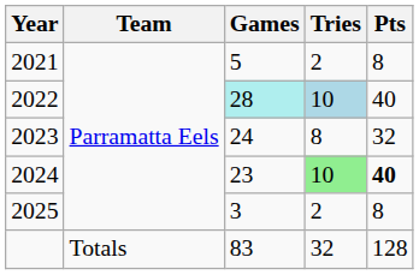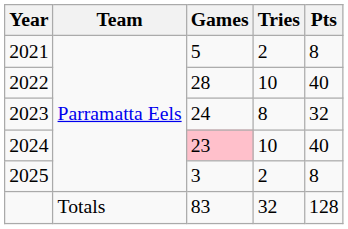 <table class="wikitable">
 <tr>
 <th>Year</th>
 <th>Team</th>
 <th>Games</th>
 <th>Tries</th>
 <th>Pts</th>
 </tr>
 <tr>
 <td>2021</td>
 <td rowspan="5"> <a href='#'>Parramatta Eels</a></td>
 <td>5</td>
 <td>2</td>
 <td>8</td>
 </tr>
 <tr>
 <td>2022</td>
-<td style="background: paleturquoise;">28</td>
-<td style="background: lightblue;">10</td>
+<td>28</td>
+<td>10</td>
 <td>40</td>
 </tr>
 <tr>
 <td>2023</td>
 <td>24</td>
 <td>8</td>
 <td>32</td>
 </tr>
 <tr>
 <td>2024</td>
-<td>23</td>
-<td style="background: lightgreen;">10</td>
-<td><strong>40</strong></td>
+<td style="background: pink;">23</td>
+<td>10</td>
+<td>40</td>
 </tr>
 <tr>
 <td>2025</td>
 <td>3</td>
 <td>2</td>
 <td>8</td>
 </tr>
 <tr>
 <td></td>
 <td>Totals</td>
 <td>83</td>
 <td>32</td>
 <td>128</td>
 </tr>
 </table>
